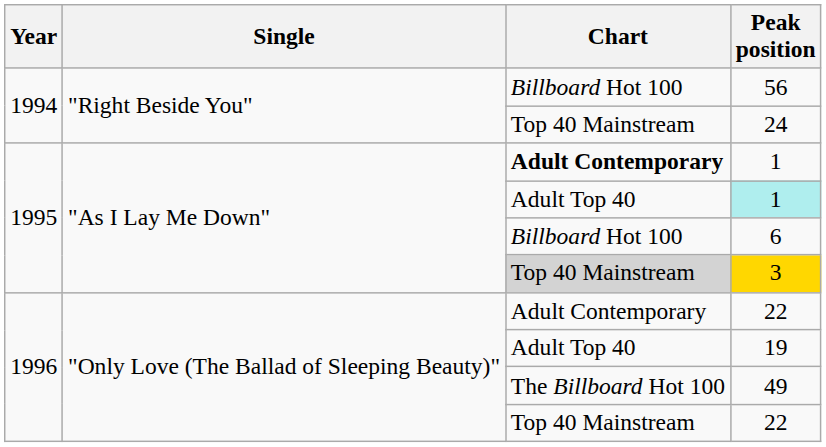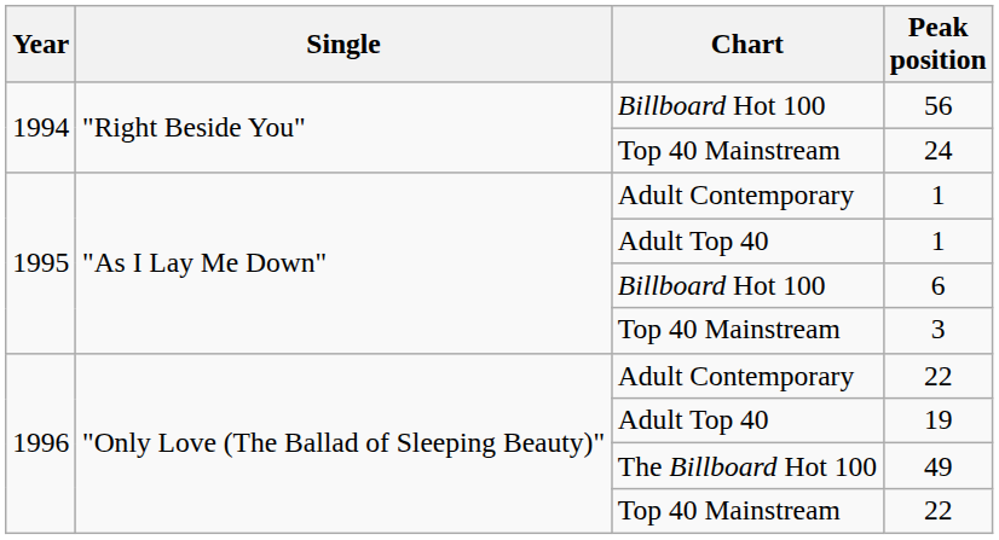 <table class="wikitable">
 <tr>
 <th align="left">Year</th>
 <th align="left">Single</th>
 <th align="left">Chart</th>
 <th align="left">Peak<br>position</th>
 </tr>
 <tr>
 <td align="left" rowspan="2">1994</td>
 <td align="left" rowspan="2">"Right Beside You"</td>
 <td align="left"><em>Billboard</em> Hot 100</td>
 <td style="text-align:center;">56</td>
 </tr>
 <tr>
 <td align="left">Top 40 Mainstream</td>
 <td style="text-align:center;">24</td>
 </tr>
 <tr>
 <td align="left" rowspan="4">1995</td>
 <td align="left" rowspan="4">"As I Lay Me Down"</td>
-<td align="left"><strong>Adult Contemporary</strong></td>
+<td align="left">Adult Contemporary</td>
 <td style="text-align:center;">1</td>
 </tr>
 <tr>
 <td align="left">Adult Top 40</td>
-<td style="background: paleturquoise; text-align:center;">1</td>
+<td style="text-align:center;">1</td>
 </tr>
 <tr>
 <td align="left"><em>Billboard</em> Hot 100</td>
 <td style="text-align:center;">6</td>
 </tr>
 <tr>
-<td align="left" style="background: lightgrey;">Top 40 Mainstream</td>
-<td style="background: gold; text-align:center;">3</td>
+<td align="left">Top 40 Mainstream</td>
+<td style="text-align:center;">3</td>
 </tr>
 <tr>
 <td align="left" rowspan="4">1996</td>
 <td align="left" rowspan="4">"Only Love (The Ballad of Sleeping Beauty)"</td>
 <td align="left">Adult Contemporary</td>
 <td style="text-align:center;">22</td>
 </tr>
 <tr>
 <td align="left">Adult Top 40</td>
 <td style="text-align:center;">19</td>
 </tr>
 <tr>
 <td align="left">The <em>Billboard</em> Hot 100</td>
 <td style="text-align:center;">49</td>
 </tr>
 <tr>
 <td align="left">Top 40 Mainstream</td>
 <td style="text-align:center;">22</td>
 </tr>
 </table>
